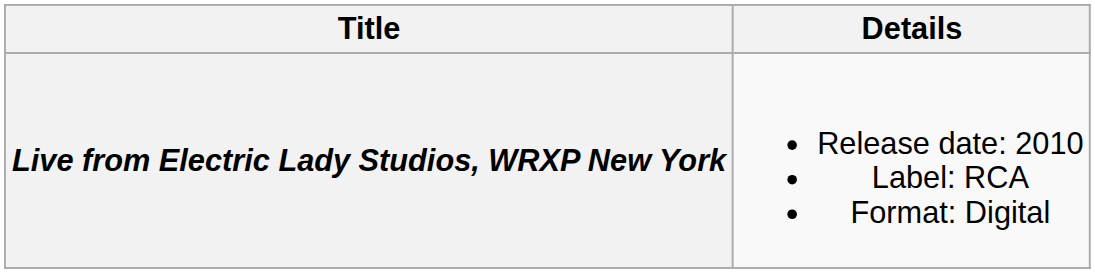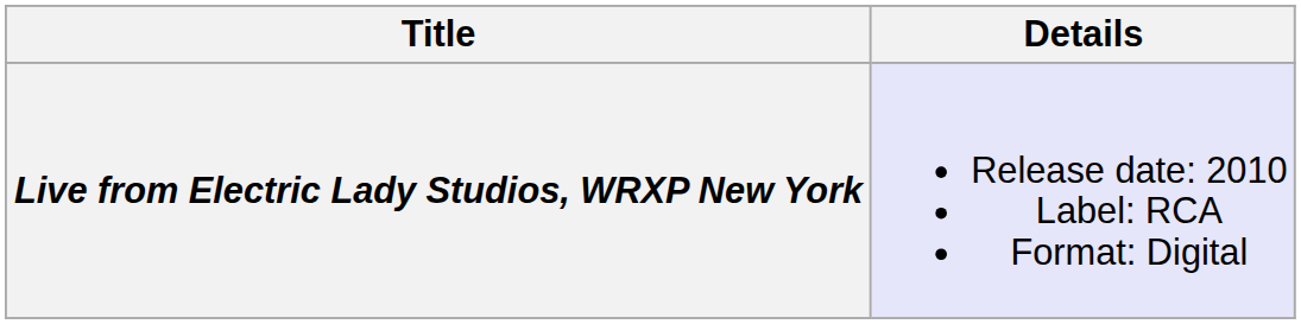 <table class="wikitable plainrowheaders" style="text-align:center;">
 <tr>
 <th scope="col">Title</th>
 <th scope="col">Details</th>
 </tr>
 <tr>
 <th scope="row"><em>Live from Electric Lady Studios, WRXP New York</em></th>
-<td><br><ul><li>Release date: 2010</li><li>Label: RCA</li><li>Format: Digital</li></ul></td>
+<td style="background: lavender;"><br><ul><li>Release date: 2010</li><li>Label: RCA</li><li>Format: Digital</li></ul></td>
 </tr>
 </table>
